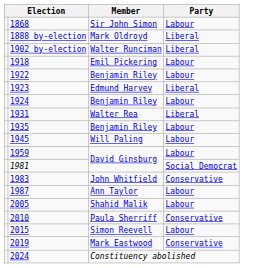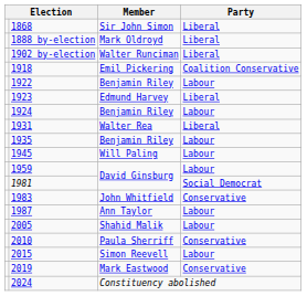 <table class="wikitable">
 <tr>
 <th colspan="2">Election</th>
 <th>Member</th>
 <th>Party</th>
 </tr>
 <tr>
 <td style="color:inherit;background-color: "></td>
 <td><a href='#'>1868</a></td>
 <td><a href='#'>Sir John Simon</a></td>
-<td><a href='#'>Labour</a></td>
+<td><a href='#'>Liberal</a></td>
 </tr>
 <tr>
 <td style="color:inherit;background-color: "></td>
 <td><a href='#'>1888 by-election</a></td>
 <td><a href='#'>Mark Oldroyd</a></td>
 <td><a href='#'>Liberal</a></td>
 </tr>
 <tr>
 <td style="color:inherit;background-color: "></td>
 <td><a href='#'>1902 by-election</a></td>
 <td><a href='#'>Walter Runciman</a></td>
 <td><a href='#'>Liberal</a></td>
 </tr>
 <tr>
 <td style="color:inherit;background-color: "></td>
 <td><a href='#'>1918</a></td>
 <td><a href='#'>Emil Pickering</a></td>
-<td><a href='#'>Labour</a></td>
+<td><a href='#'>Coalition Conservative</a></td>
 </tr>
 <tr>
 <td style="color:inherit;background-color: "></td>
 <td><a href='#'>1922</a></td>
 <td><a href='#'>Benjamin Riley</a></td>
 <td><a href='#'>Labour</a></td>
 </tr>
 <tr>
 <td style="color:inherit;background-color: "></td>
 <td><a href='#'>1923</a></td>
 <td><a href='#'>Edmund Harvey</a></td>
 <td><a href='#'>Liberal</a></td>
 </tr>
 <tr>
 <td style="color:inherit;background-color: "></td>
 <td><a href='#'>1924</a></td>
 <td><a href='#'>Benjamin Riley</a></td>
 <td><a href='#'>Labour</a></td>
 </tr>
 <tr>
 <td style="color:inherit;background-color: "></td>
 <td><a href='#'>1931</a></td>
 <td><a href='#'>Walter Rea</a></td>
 <td><a href='#'>Liberal</a></td>
 </tr>
 <tr>
 <td style="color:inherit;background-color: "></td>
 <td><a href='#'>1935</a></td>
 <td><a href='#'>Benjamin Riley</a></td>
 <td><a href='#'>Labour</a></td>
 </tr>
 <tr>
 <td style="color:inherit;background-color: "></td>
 <td><a href='#'>1945</a></td>
 <td><a href='#'>Will Paling</a></td>
 <td><a href='#'>Labour</a></td>
 </tr>
 <tr>
 <td style="color:inherit;background-color: "></td>
 <td><a href='#'>1959</a></td>
 <td rowspan="2"><a href='#'>David Ginsburg</a></td>
 <td><a href='#'>Labour</a></td>
 </tr>
 <tr>
 <td style="color:inherit;background-color: "></td>
 <td><em>1981</em></td>
 <td><a href='#'>Social Democrat</a></td>
 </tr>
 <tr>
 <td style="color:inherit;background-color: "></td>
 <td><a href='#'>1983</a></td>
 <td><a href='#'>John Whitfield</a></td>
 <td><a href='#'>Conservative</a></td>
 </tr>
 <tr>
 <td style="color:inherit;background-color: "></td>
 <td><a href='#'>1987</a></td>
 <td><a href='#'>Ann Taylor</a></td>
 <td><a href='#'>Labour</a></td>
 </tr>
 <tr>
 <td style="color:inherit;background-color: "></td>
 <td><a href='#'>2005</a></td>
 <td><a href='#'>Shahid Malik</a></td>
 <td><a href='#'>Labour</a></td>
 </tr>
 <tr>
 <td style="color:inherit;background-color: "></td>
 <td><a href='#'>2010</a></td>
 <td><a href='#'>Paula Sherriff</a></td>
 <td><a href='#'>Conservative</a></td>
 </tr>
 <tr>
 <td style="color:inherit;background-color: "></td>
 <td><a href='#'>2015</a></td>
 <td><a href='#'>Simon Reevell</a></td>
 <td><a href='#'>Labour</a></td>
 </tr>
 <tr>
 <td style="color:inherit;background-color: "></td>
 <td><a href='#'>2019</a></td>
 <td><a href='#'>Mark Eastwood</a></td>
 <td><a href='#'>Conservative</a></td>
 </tr>
 <tr>
 <td></td>
 <td><a href='#'>2024</a></td>
 <td colspan="2"><em>Constituency abolished</em></td>
 </tr>
 </table>
